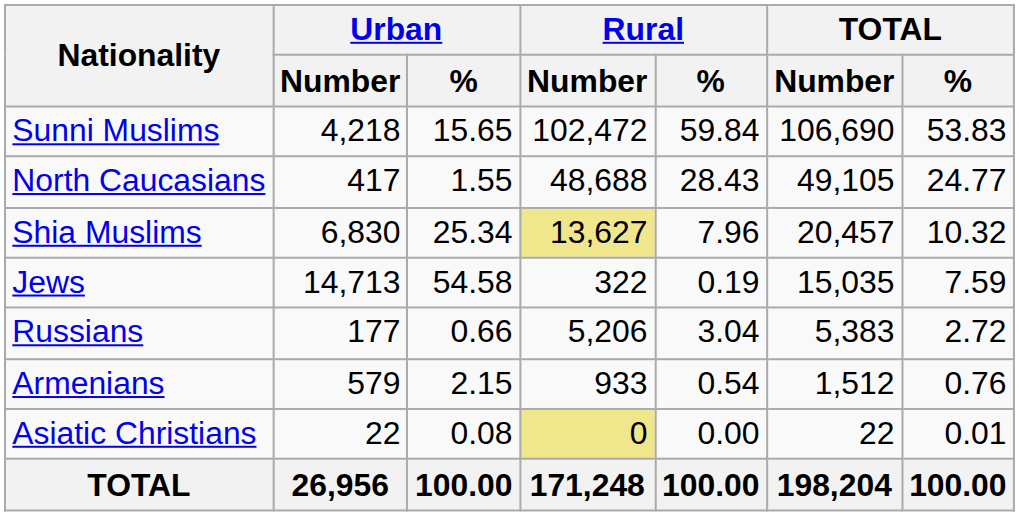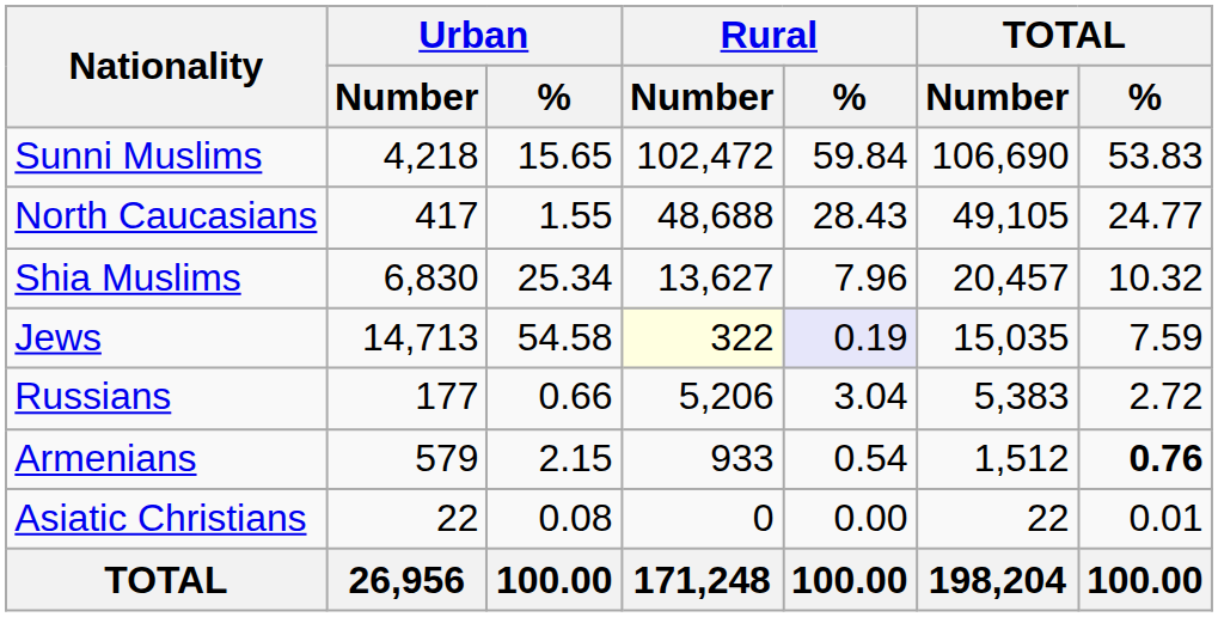 <table class="wikitable sortable">
 <tr>
 <th rowspan="2">Nationality</th>
 <th colspan="2"><a href='#'>Urban</a></th>
 <th colspan="2"><a href='#'>Rural</a></th>
 <th colspan="2">TOTAL</th>
 </tr>
 <tr>
 <th>Number</th>
 <th>%</th>
 <th>Number</th>
 <th>%</th>
 <th>Number</th>
 <th>%</th>
 </tr>
 <tr>
 <td><a href='#'>Sunni Muslims</a></td>
 <td align="right">4,218</td>
 <td align="right">15.65</td>
 <td align="right">102,472</td>
 <td align="right">59.84</td>
 <td align="right">106,690</td>
 <td align="right">53.83</td>
 </tr>
 <tr>
 <td><a href='#'>North Caucasians</a></td>
 <td align="right">417</td>
 <td align="right">1.55</td>
 <td align="right">48,688</td>
 <td align="right">28.43</td>
 <td align="right">49,105</td>
 <td align="right">24.77</td>
 </tr>
 <tr>
 <td><a href='#'>Shia Muslims</a></td>
 <td align="right">6,830</td>
 <td align="right">25.34</td>
-<td align="right" style="background: khaki;">13,627</td>
+<td align="right">13,627</td>
 <td align="right">7.96</td>
 <td align="right">20,457</td>
 <td align="right">10.32</td>
 </tr>
 <tr>
 <td><a href='#'>Jews</a></td>
 <td align="right">14,713</td>
 <td align="right">54.58</td>
-<td align="right">322</td>
-<td align="right">0.19</td>
+<td align="right" style="background: lightyellow;">322</td>
+<td align="right" style="background: lavender;">0.19</td>
 <td align="right">15,035</td>
 <td align="right">7.59</td>
 </tr>
 <tr>
 <td><a href='#'>Russians</a></td>
 <td align="right">177</td>
 <td align="right">0.66</td>
 <td align="right">5,206</td>
 <td align="right">3.04</td>
 <td align="right">5,383</td>
 <td align="right">2.72</td>
 </tr>
 <tr>
 <td><a href='#'>Armenians</a></td>
 <td align="right">579</td>
 <td align="right">2.15</td>
 <td align="right">933</td>
 <td align="right">0.54</td>
 <td align="right">1,512</td>
-<td align="right">0.76</td>
+<td align="right"><strong>0.76</strong></td>
 </tr>
 <tr>
 <td><a href='#'>Asiatic Christians</a></td>
 <td align="right">22</td>
 <td align="right">0.08</td>
-<td align="right" style="background: khaki;">0</td>
+<td align="right">0</td>
 <td align="right">0.00</td>
 <td align="right">22</td>
 <td align="right">0.01</td>
 </tr>
 <tr>
 <th>TOTAL</th>
 <th>26,956</th>
 <th>100.00</th>
 <th>171,248</th>
 <th>100.00</th>
 <th>198,204</th>
 <th>100.00</th>
 </tr>
 </table>
